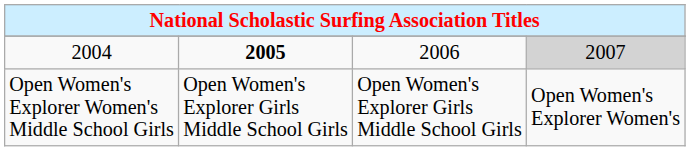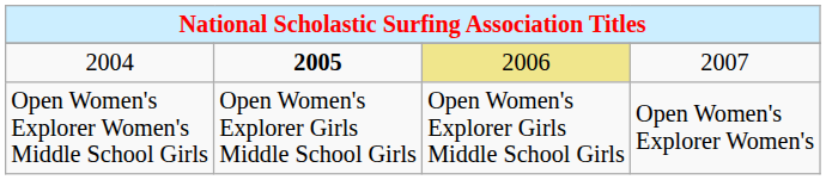 <table class="wikitable">
 <tr bgcolor=skyblue>
 <td colspan=4; style="background: #cef; color: red" align="center"><strong>National Scholastic Surfing Association Titles</strong></td>
 </tr>
 <tr bgcolor=#bdb76b>
 </tr>
 <tr>
 <td style="text-align:center;">2004</td>
 <td style="text-align:center;"><strong>2005</strong></td>
-<td style="text-align:center;">2006</td>
-<td style="background: lightgrey; text-align:center;">2007</td>
+<td style="background: khaki; text-align:center;">2006</td>
+<td style="text-align:center;">2007</td>
 </tr>
 <tr>
 <td rowspan=3 style="text-align:left;">Open Women's <br> Explorer Women's <br> Middle School Girls</td>
 <td rowspan=3 style="text-align:left;">Open Women's <br> Explorer Girls <br> Middle School Girls</td>
 <td rowspan=3 style="text-align:left;">Open Women's <br> Explorer Girls <br> Middle School Girls</td>
 <td rowspan=3 style="text-align:left;">Open Women's <br> Explorer Women's</td>
 </tr>
 </table>
